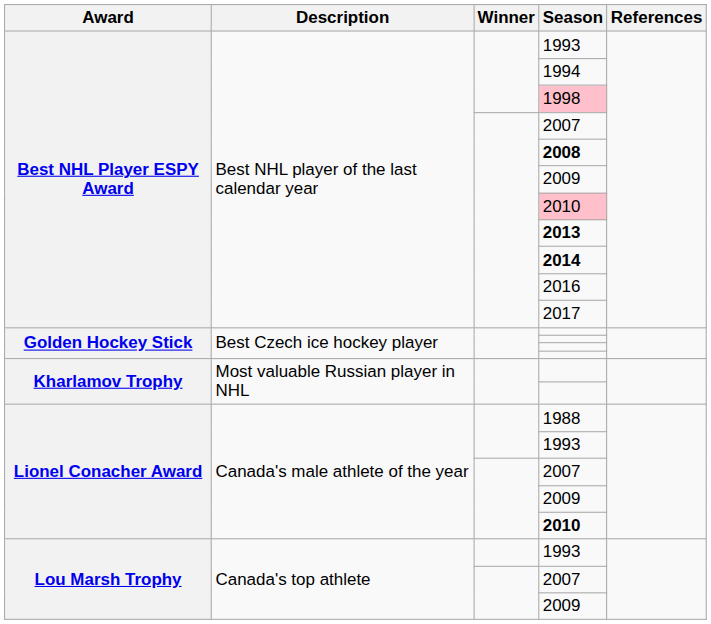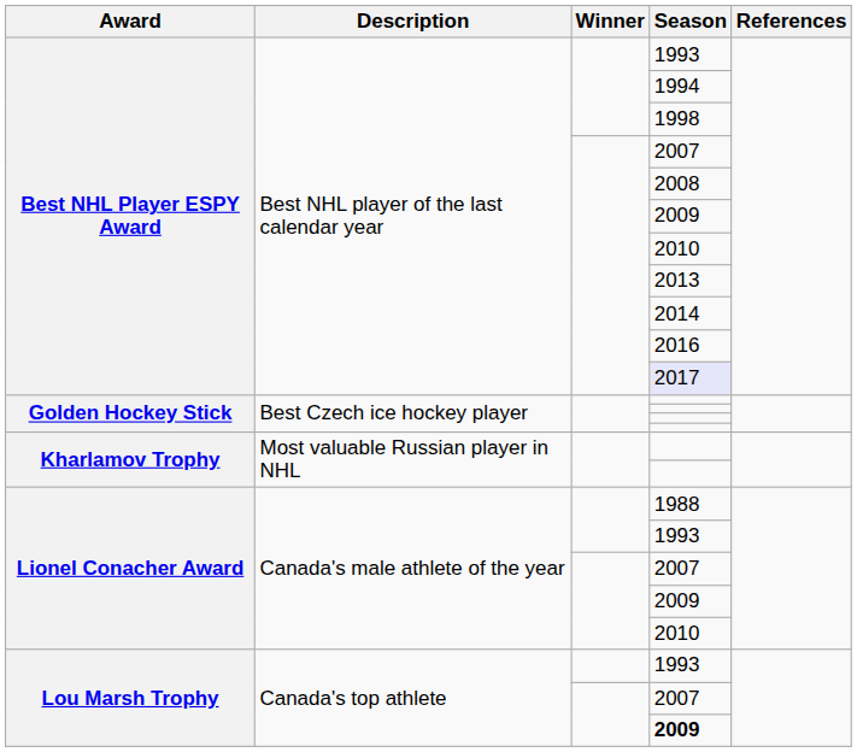 <table class="wikitable sortable" width="75%">
 <tr>
 <th scope="col">Award</th>
 <th scope="col" class="unsortable">Description</th>
 <th scope="col">Winner</th>
 <th scope="col">Season</th>
 <th scope="col" class="unsortable">References</th>
 </tr>
 <tr>
 <th scope="row" rowspan="11"><a href='#'>Best NHL Player ESPY Award</a></th>
 <td rowspan="11">Best NHL player of the last calendar year</td>
 <td rowspan="3"></td>
 <td>1993</td>
 <td rowspan="11"></td>
 </tr>
 <tr>
 <td>1994</td>
 </tr>
 <tr>
-<td style="background: pink;">1998</td>
+<td>1998</td>
 </tr>
 <tr>
 <td rowspan="8"></td>
 <td>2007</td>
 </tr>
 <tr>
-<td><strong>2008</strong></td>
+<td>2008</td>
 </tr>
 <tr>
 <td>2009</td>
 </tr>
 <tr>
-<td style="background: pink;">2010</td>
+<td>2010</td>
 </tr>
 <tr>
-<td><strong>2013</strong></td>
+<td>2013</td>
 </tr>
 <tr>
-<td><strong>2014</strong></td>
+<td>2014</td>
 </tr>
 <tr>
 <td>2016</td>
 </tr>
 <tr>
-<td>2017</td>
+<td style="background: lavender;">2017</td>
 </tr>
 <tr>
 <th scope="row" rowspan="4"><a href='#'>Golden Hockey Stick</a></th>
 <td rowspan="4">Best Czech ice hockey player</td>
 <td rowspan="4"></td>
 <td></td>
 <td rowspan="4"></td>
 </tr>
 <tr>
 <td></td>
 </tr>
 <tr>
 <td></td>
 </tr>
 <tr>
 <td></td>
 </tr>
 <tr>
 <th scope="row" rowspan="2"><a href='#'>Kharlamov Trophy</a></th>
 <td rowspan="2">Most valuable Russian player in NHL</td>
 <td rowspan="2"></td>
 <td></td>
 <td rowspan="2"></td>
 </tr>
 <tr>
 <td></td>
 </tr>
 <tr>
 <th scope="row" rowspan="5"><a href='#'>Lionel Conacher Award</a></th>
 <td rowspan="5">Canada's male athlete of the year</td>
 <td rowspan="2"></td>
 <td>1988</td>
 <td rowspan="5"></td>
 </tr>
 <tr>
 <td>1993</td>
 </tr>
 <tr>
 <td rowspan="3"></td>
 <td>2007</td>
 </tr>
 <tr>
 <td>2009</td>
 </tr>
 <tr>
-<td><strong>2010</strong></td>
+<td>2010</td>
 </tr>
 <tr>
 <th scope="row" rowspan="3"><a href='#'>Lou Marsh Trophy</a></th>
 <td rowspan="3">Canada's top athlete</td>
 <td></td>
 <td>1993</td>
 <td rowspan="3"></td>
 </tr>
 <tr>
 <td rowspan="2"></td>
 <td>2007</td>
 </tr>
 <tr>
-<td>2009</td>
+<td><strong>2009</strong></td>
 </tr>
 </table>
